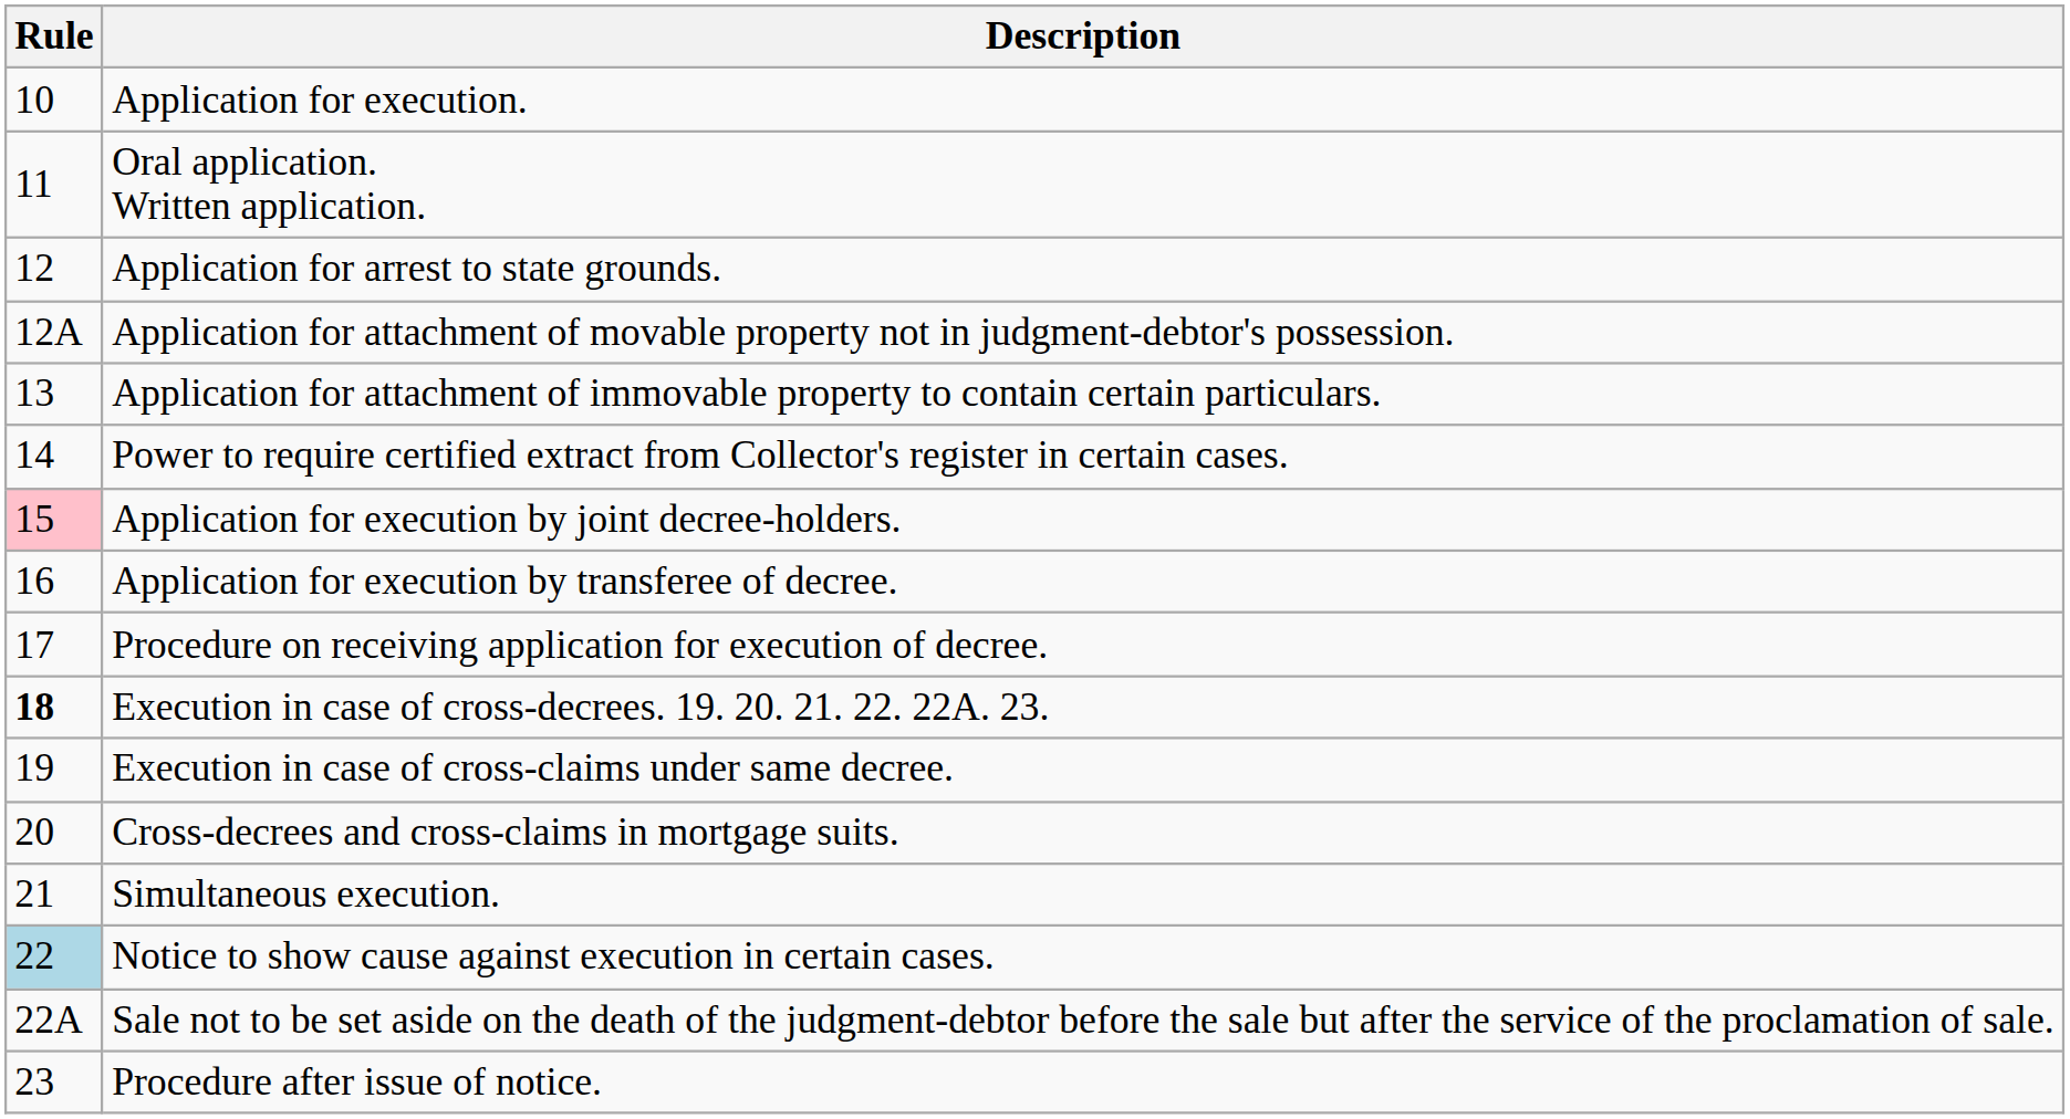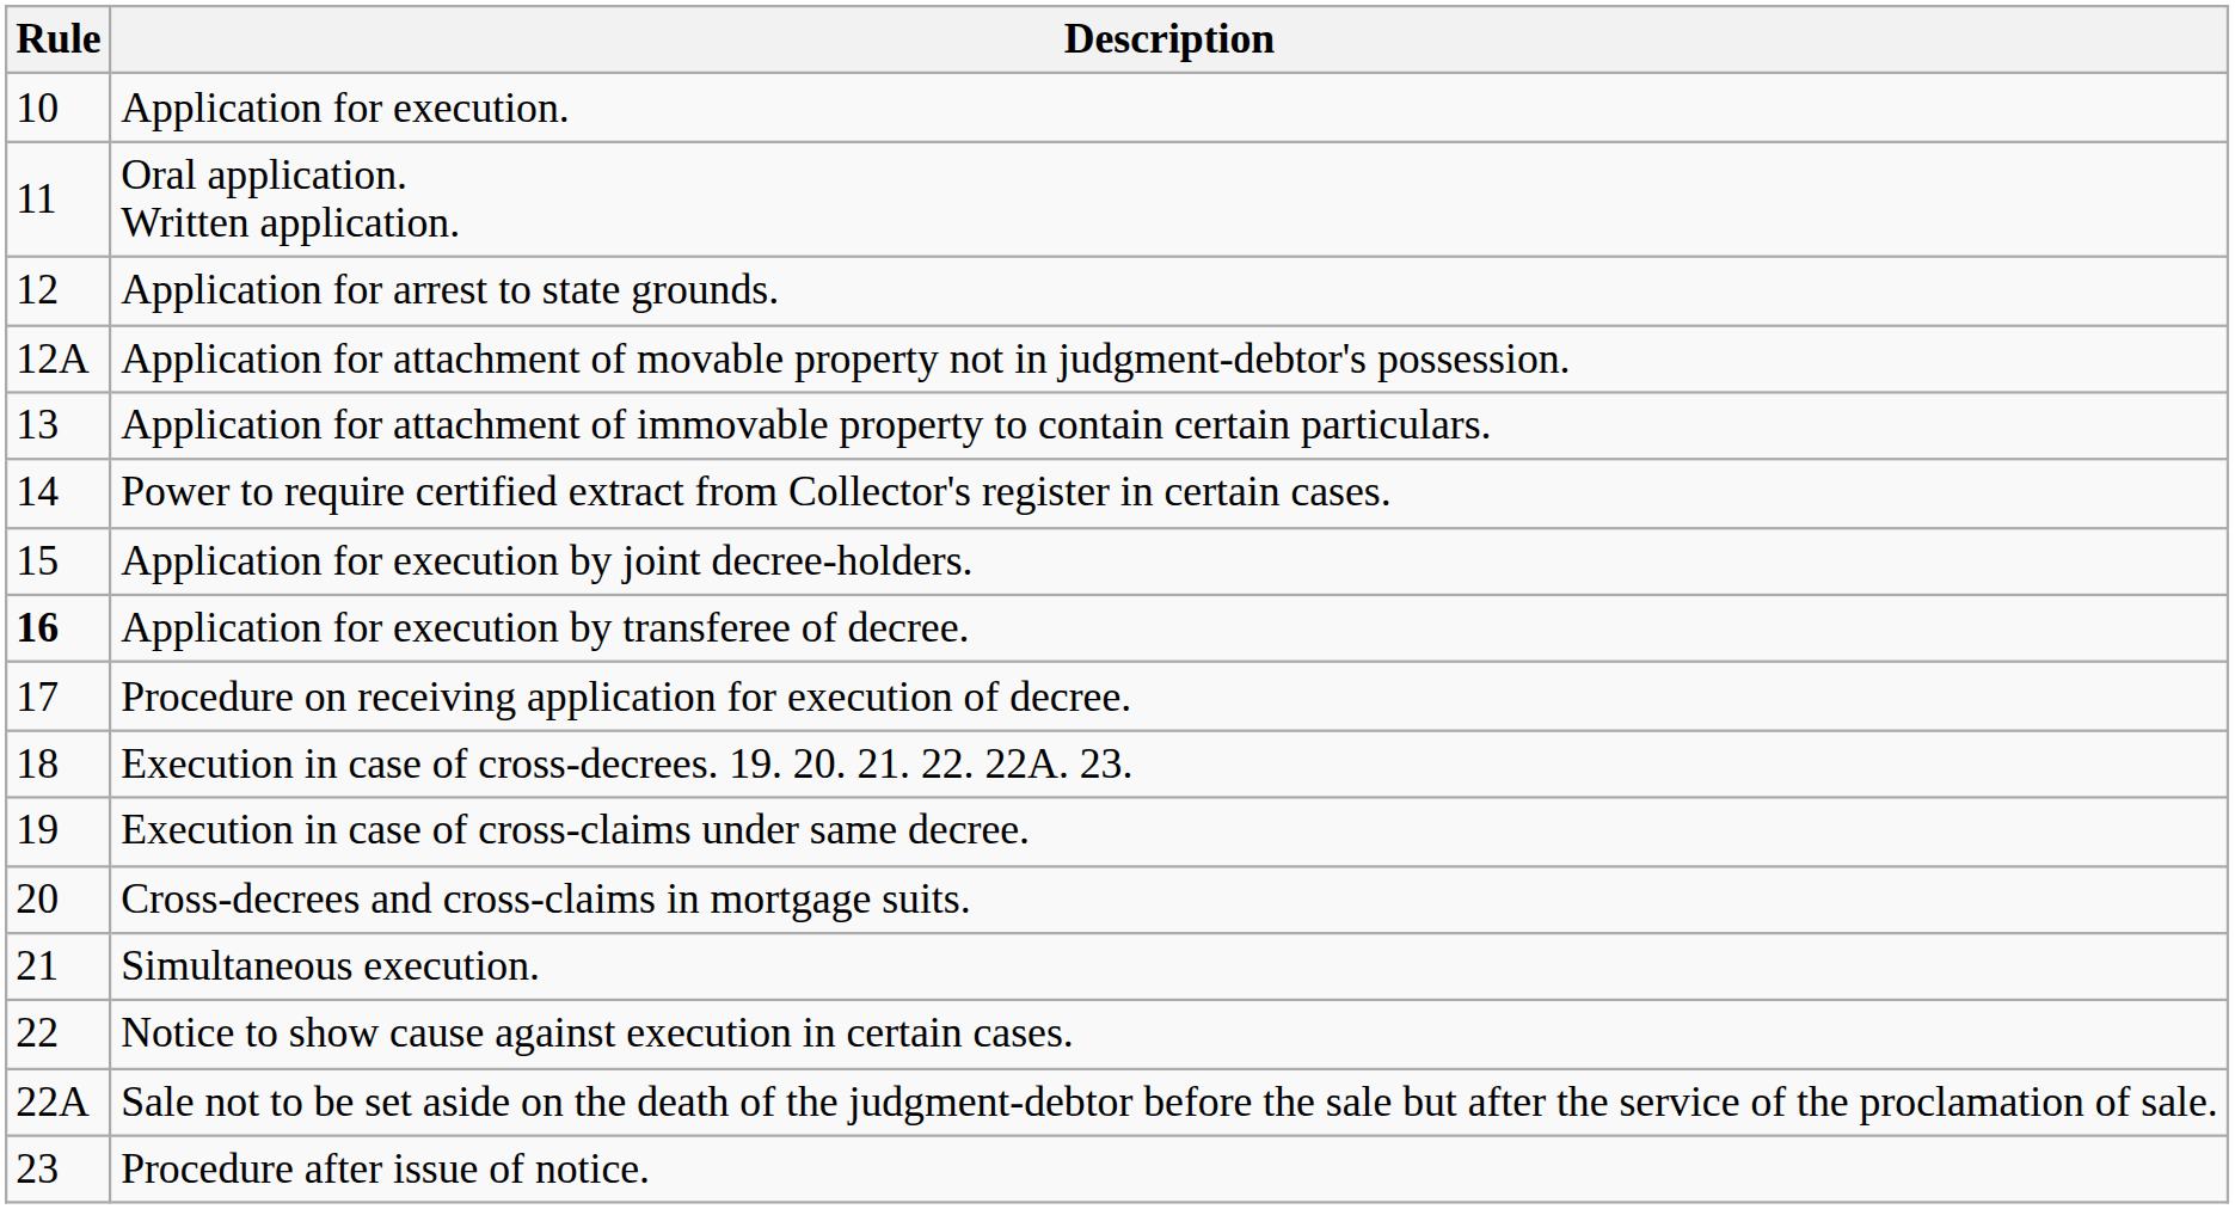 <table class="wikitable">
 <tr>
 <th>Rule</th>
 <th>Description</th>
 </tr>
 <tr>
 <td>10</td>
 <td>Application for execution.</td>
 </tr>
 <tr>
 <td>11</td>
 <td>Oral application.<br>Written application.</td>
 </tr>
 <tr>
 <td>12</td>
 <td>Application for arrest to state grounds.</td>
 </tr>
 <tr>
 <td>12A</td>
 <td>Application for attachment of movable property not in judgment-debtor's possession.</td>
 </tr>
 <tr>
 <td>13</td>
 <td>Application for attachment of immovable property to contain certain particulars.</td>
 </tr>
 <tr>
 <td>14</td>
 <td>Power to require certified extract from Collector's register in certain cases.</td>
 </tr>
 <tr>
-<td style="background: pink;">15</td>
+<td>15</td>
 <td>Application for execution by joint decree-holders.</td>
 </tr>
 <tr>
-<td>16</td>
+<td><strong>16</strong></td>
 <td>Application for execution by transferee of decree.</td>
 </tr>
 <tr>
 <td>17</td>
 <td>Procedure on receiving application for execution of decree.</td>
 </tr>
 <tr>
-<td><strong>18</strong></td>
+<td>18</td>
 <td>Execution in case of cross-decrees. 19.  20.  21.  22.  22A.  23.</td>
 </tr>
 <tr>
 <td>19</td>
 <td>Execution in case of cross-claims under same decree.</td>
 </tr>
 <tr>
 <td>20</td>
 <td>Cross-decrees and cross-claims in mortgage suits.</td>
 </tr>
 <tr>
 <td>21</td>
 <td>Simultaneous execution.</td>
 </tr>
 <tr>
-<td style="background: lightblue;">22</td>
+<td>22</td>
 <td>Notice to show cause against execution in certain cases.</td>
 </tr>
 <tr>
 <td>22A</td>
 <td>Sale not to be set aside on the death of the judgment-debtor before the sale but after the service of the proclamation of sale.</td>
 </tr>
 <tr>
 <td>23</td>
 <td>Procedure after issue of notice.</td>
 </tr>
 </table>
